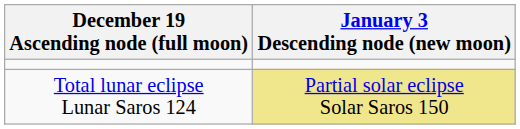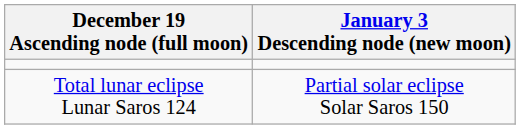 <table class="wikitable">
 <tr>
 <th>December 19<br>Ascending node (full moon)</th>
 <th><a href='#'>January 3</a><br>Descending node (new moon)</th>
 </tr>
 <tr>
 <td></td>
 <td></td>
 </tr>
 <tr align=center>
 <td><a href='#'>Total lunar eclipse</a><br>Lunar Saros 124</td>
-<td style="background: khaki;"><a href='#'>Partial solar eclipse</a><br>Solar Saros 150</td>
+<td><a href='#'>Partial solar eclipse</a><br>Solar Saros 150</td>
 </tr>
 </table>
